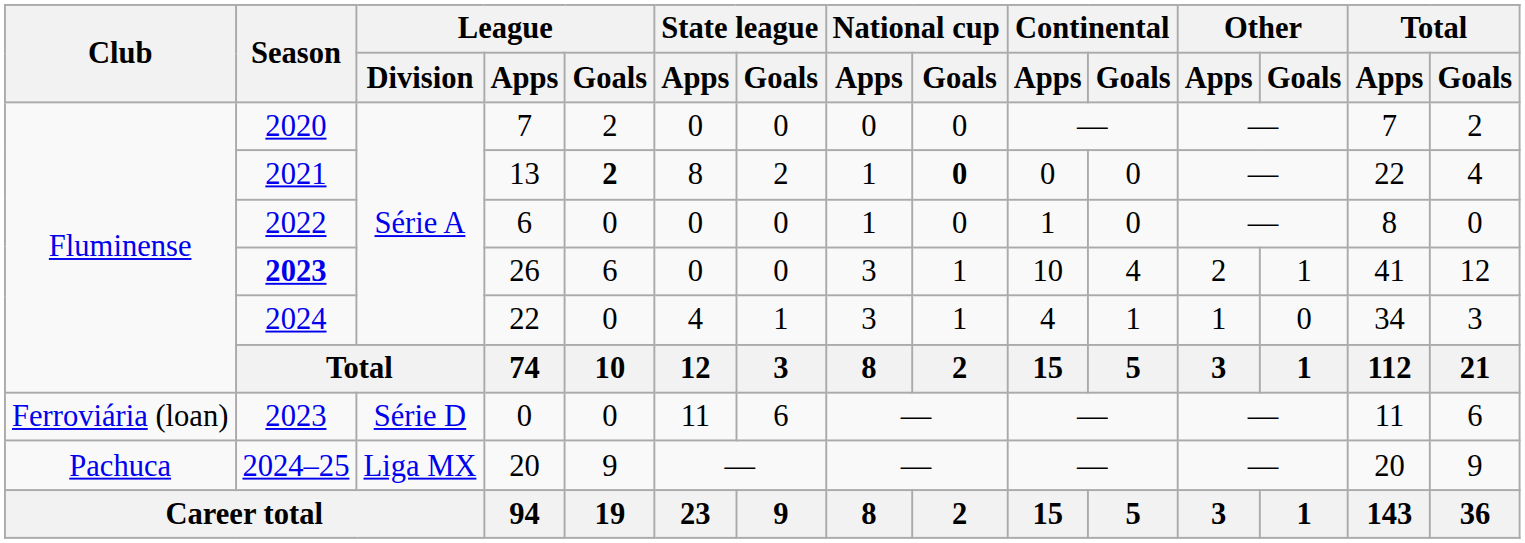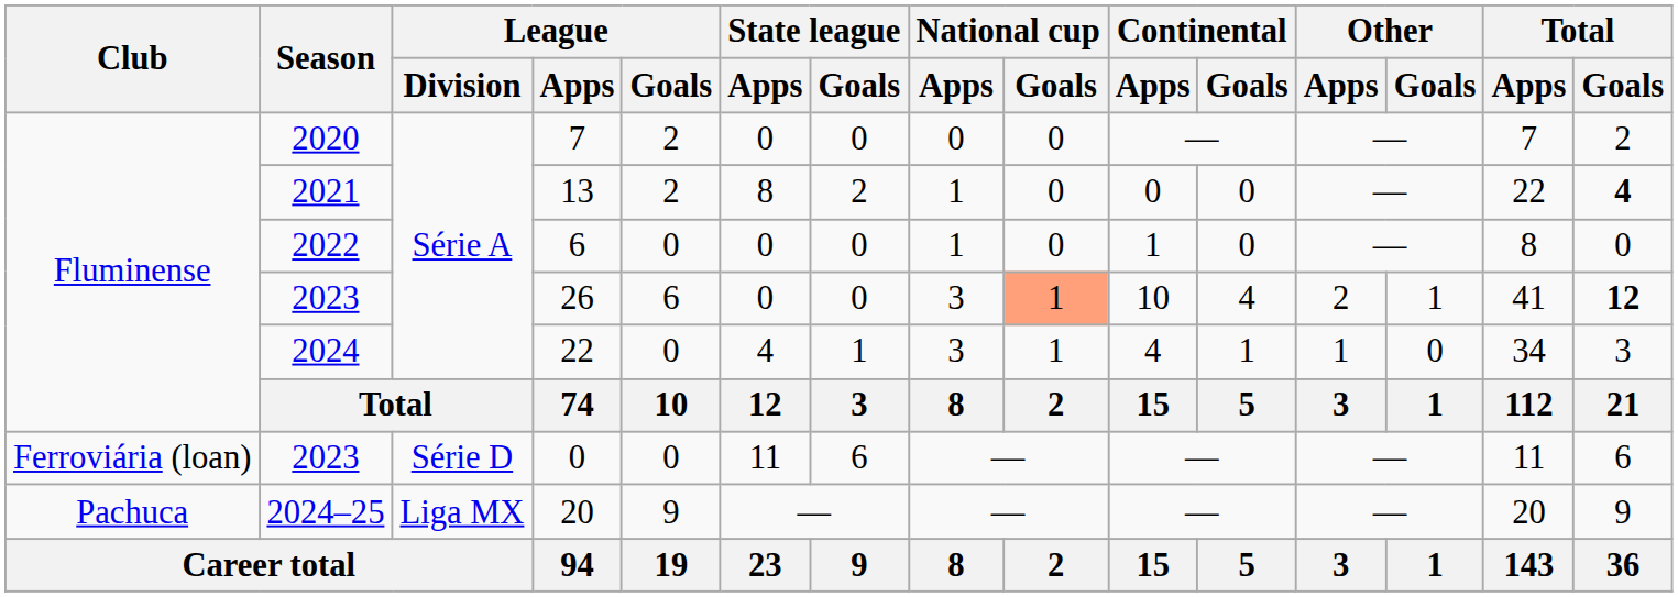 <table class="wikitable" style="text-align: center">
 <tr>
 <th rowspan="2">Club</th>
 <th rowspan="2">Season</th>
 <th colspan="3">League</th>
 <th colspan="2">State league</th>
 <th colspan="2">National cup</th>
 <th colspan="2">Continental</th>
 <th colspan="2">Other</th>
 <th colspan="2">Total</th>
 </tr>
 <tr>
 <th>Division</th>
 <th>Apps</th>
 <th>Goals</th>
 <th>Apps</th>
 <th>Goals</th>
 <th>Apps</th>
 <th>Goals</th>
 <th>Apps</th>
 <th>Goals</th>
 <th>Apps</th>
 <th>Goals</th>
 <th>Apps</th>
 <th>Goals</th>
 </tr>
 <tr>
 <td rowspan="6"><a href='#'>Fluminense</a></td>
 <td><a href='#'>2020</a></td>
 <td rowspan="5"><a href='#'>Série A</a></td>
 <td>7</td>
 <td>2</td>
 <td>0</td>
 <td>0</td>
 <td>0</td>
 <td>0</td>
 <td colspan="2">—</td>
 <td colspan="2">—</td>
 <td>7</td>
 <td>2</td>
 </tr>
 <tr>
 <td><a href='#'>2021</a></td>
 <td>13</td>
-<td><strong>2</strong></td>
+<td>2</td>
 <td>8</td>
 <td>2</td>
 <td>1</td>
-<td><strong>0</strong></td>
+<td>0</td>
 <td>0</td>
 <td>0</td>
 <td colspan="2">—</td>
 <td>22</td>
-<td>4</td>
+<td><strong>4</strong></td>
 </tr>
 <tr>
 <td><a href='#'>2022</a></td>
 <td>6</td>
 <td>0</td>
 <td>0</td>
 <td>0</td>
 <td>1</td>
 <td>0</td>
 <td>1</td>
 <td>0</td>
 <td colspan="2">—</td>
 <td>8</td>
 <td>0</td>
 </tr>
 <tr>
-<td><strong><a href='#'>2023</a></strong></td>
+<td><a href='#'>2023</a></td>
 <td>26</td>
 <td>6</td>
 <td>0</td>
 <td>0</td>
 <td>3</td>
-<td>1</td>
+<td style="background: lightsalmon;">1</td>
 <td>10</td>
 <td>4</td>
 <td>2</td>
 <td>1</td>
 <td>41</td>
-<td>12</td>
+<td><strong>12</strong></td>
 </tr>
 <tr>
 <td><a href='#'>2024</a></td>
 <td>22</td>
 <td>0</td>
 <td>4</td>
 <td>1</td>
 <td>3</td>
 <td>1</td>
 <td>4</td>
 <td>1</td>
 <td>1</td>
 <td>0</td>
 <td>34</td>
 <td>3</td>
 </tr>
 <tr>
 <th colspan="2">Total</th>
 <th>74</th>
 <th>10</th>
 <th>12</th>
 <th>3</th>
 <th>8</th>
 <th>2</th>
 <th>15</th>
 <th>5</th>
 <th>3</th>
 <th>1</th>
 <th>112</th>
 <th>21</th>
 </tr>
 <tr>
 <td><a href='#'>Ferroviária</a> (loan)</td>
 <td><a href='#'>2023</a></td>
 <td><a href='#'>Série D</a></td>
 <td>0</td>
 <td>0</td>
 <td>11</td>
 <td>6</td>
 <td colspan="2">—</td>
 <td colspan="2">—</td>
 <td colspan="2">—</td>
 <td>11</td>
 <td>6</td>
 </tr>
 <tr>
 <td><a href='#'>Pachuca</a></td>
 <td><a href='#'>2024–25</a></td>
 <td><a href='#'>Liga MX</a></td>
 <td>20</td>
 <td>9</td>
 <td colspan="2">—</td>
 <td colspan="2">—</td>
 <td colspan="2">—</td>
 <td colspan="2">—</td>
 <td>20</td>
 <td>9</td>
 </tr>
 <tr>
 <th colspan="3"><strong>Career total</strong></th>
 <th>94</th>
 <th>19</th>
 <th>23</th>
 <th>9</th>
 <th>8</th>
 <th>2</th>
 <th>15</th>
 <th>5</th>
 <th>3</th>
 <th>1</th>
 <th>143</th>
 <th>36</th>
 </tr>
 </table>
